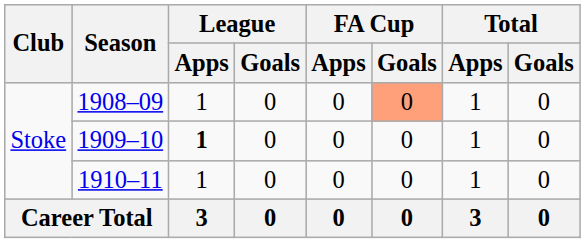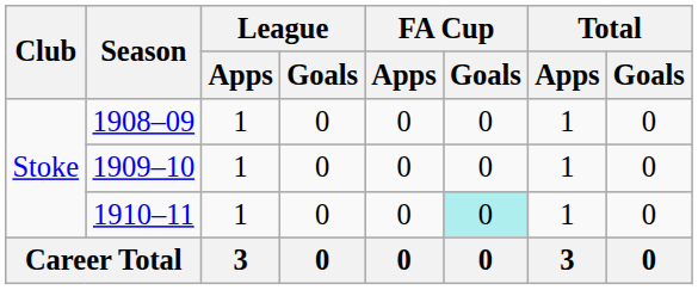 <table class="wikitable" style="text-align: center;">
 <tr>
 <th rowspan="2">Club</th>
 <th rowspan="2">Season</th>
 <th colspan="2">League</th>
 <th colspan="2">FA Cup</th>
 <th colspan="2">Total</th>
 </tr>
 <tr>
 <th>Apps</th>
 <th>Goals</th>
 <th>Apps</th>
 <th>Goals</th>
 <th>Apps</th>
 <th>Goals</th>
 </tr>
 <tr>
 <td rowspan="3"><a href='#'>Stoke</a></td>
 <td><a href='#'>1908–09</a></td>
 <td>1</td>
 <td>0</td>
 <td>0</td>
-<td style="background: lightsalmon;">0</td>
+<td>0</td>
 <td>1</td>
 <td>0</td>
 </tr>
 <tr>
 <td><a href='#'>1909–10</a></td>
-<td><strong>1</strong></td>
+<td>1</td>
 <td>0</td>
 <td>0</td>
 <td>0</td>
 <td>1</td>
 <td>0</td>
 </tr>
 <tr>
 <td><a href='#'>1910–11</a></td>
 <td>1</td>
 <td>0</td>
 <td>0</td>
-<td>0</td>
+<td style="background: paleturquoise;">0</td>
 <td>1</td>
 <td>0</td>
 </tr>
 <tr>
 <th colspan="2">Career Total</th>
 <th>3</th>
 <th>0</th>
 <th>0</th>
 <th>0</th>
 <th>3</th>
 <th>0</th>
 </tr>
 </table>
